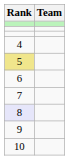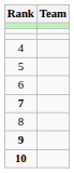 <table class="wikitable">
 <tr>
 <th>Rank</th>
 <th>Team</th>
 </tr>
 <tr bgcolor=bbf3bb>
 <td align=center></td>
 <td></td>
 </tr>
 <tr>
 <td align=center></td>
 <td></td>
 </tr>
 <tr>
 <td align=center></td>
 <td></td>
 </tr>
 <tr>
 <td align=center>4</td>
 <td></td>
 </tr>
 <tr>
-<td align=center style="background: khaki;">5</td>
+<td align=center>5</td>
 <td></td>
 </tr>
 <tr>
 <td align=center>6</td>
 <td></td>
 </tr>
 <tr>
-<td align=center>7</td>
+<td align=center><strong>7</strong></td>
 <td></td>
 </tr>
 <tr>
-<td align=center style="background: lavender;">8</td>
+<td align=center>8</td>
 <td></td>
 </tr>
 <tr>
-<td align=center>9</td>
+<td align=center><strong>9</strong></td>
 <td></td>
 </tr>
 <tr>
-<td align=center>10</td>
+<td align=center><strong>10</strong></td>
 <td></td>
 </tr>
 </table>
